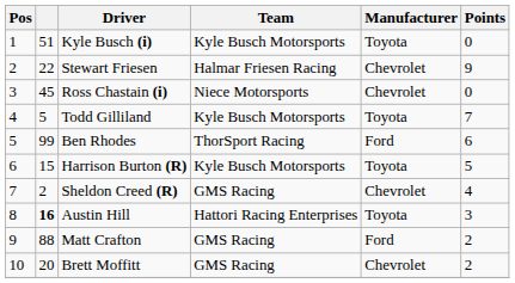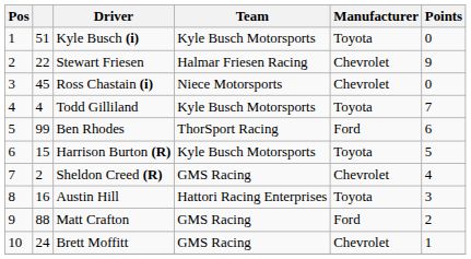 <table class="wikitable" style="font-size:98%">
 <tr>
 <th>Pos</th>
 <th></th>
 <th>Driver</th>
 <th>Team</th>
 <th>Manufacturer</th>
 <th>Points</th>
 </tr>
 <tr>
 <td>1</td>
 <td>51</td>
 <td>Kyle Busch <strong>(i)</strong></td>
 <td>Kyle Busch Motorsports</td>
 <td>Toyota</td>
 <td>0</td>
 </tr>
 <tr>
 <td>2</td>
 <td>22</td>
 <td>Stewart Friesen</td>
 <td>Halmar Friesen Racing</td>
 <td>Chevrolet</td>
 <td>9</td>
 </tr>
 <tr>
 <td>3</td>
 <td>45</td>
 <td>Ross Chastain <strong>(i)</strong></td>
 <td>Niece Motorsports</td>
 <td>Chevrolet</td>
 <td>0</td>
 </tr>
 <tr>
 <td>4</td>
-<td>5</td>
+<td>4</td>
 <td>Todd Gilliland</td>
 <td>Kyle Busch Motorsports</td>
 <td>Toyota</td>
 <td>7</td>
 </tr>
 <tr>
 <td>5</td>
 <td>99</td>
 <td>Ben Rhodes</td>
 <td>ThorSport Racing</td>
 <td>Ford</td>
 <td>6</td>
 </tr>
 <tr>
 <td>6</td>
 <td>15</td>
 <td>Harrison Burton <strong>(R)</strong></td>
 <td>Kyle Busch Motorsports</td>
 <td>Toyota</td>
 <td>5</td>
 </tr>
 <tr>
 <td>7</td>
 <td>2</td>
 <td>Sheldon Creed <strong>(R)</strong></td>
 <td>GMS Racing</td>
 <td>Chevrolet</td>
 <td>4</td>
 </tr>
 <tr>
 <td>8</td>
-<td><strong>16</strong></td>
+<td>16</td>
 <td>Austin Hill</td>
 <td>Hattori Racing Enterprises</td>
 <td>Toyota</td>
 <td>3</td>
 </tr>
 <tr>
 <td>9</td>
 <td>88</td>
 <td>Matt Crafton</td>
 <td>GMS Racing</td>
 <td>Ford</td>
 <td>2</td>
 </tr>
 <tr>
 <td>10</td>
-<td>20</td>
+<td>24</td>
 <td>Brett Moffitt</td>
 <td>GMS Racing</td>
 <td>Chevrolet</td>
-<td>2</td>
+<td>1</td>
 </tr>
 <tr>
 </tr>
 </table>
